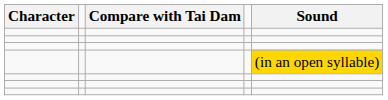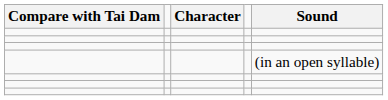 <table class="wikitable" style="text-align: center">
 <tr>
+<th>Compare with Tai Dam</th>
+<td></td>
 <th>Character</th>
-<td></td>
-<th>Compare with Tai Dam</th>
 <td></td>
 <th>Sound</th>
 </tr>
 <tr>
 <td></td>
 <td></td>
 <td></td>
 <td></td>
 <td></td>
 </tr>
 <tr>
 <td></td>
 <td></td>
 <td></td>
 <td></td>
 <td></td>
 </tr>
 <tr>
 <td></td>
 <td></td>
 <td></td>
 <td></td>
 <td></td>
 </tr>
 <tr>
 <td></td>
 <td></td>
 <td></td>
 <td></td>
-<td style="background: gold;">(in an open syllable)</td>
+<td>(in an open syllable)</td>
 </tr>
 <tr>
 <td></td>
 <td></td>
 <td></td>
 <td></td>
 <td></td>
 </tr>
 <tr>
 <td></td>
 <td></td>
 <td></td>
 <td></td>
 <td></td>
 </tr>
 <tr>
 <td></td>
 <td></td>
 <td></td>
 <td></td>
 <td></td>
 </tr>
 </table>
